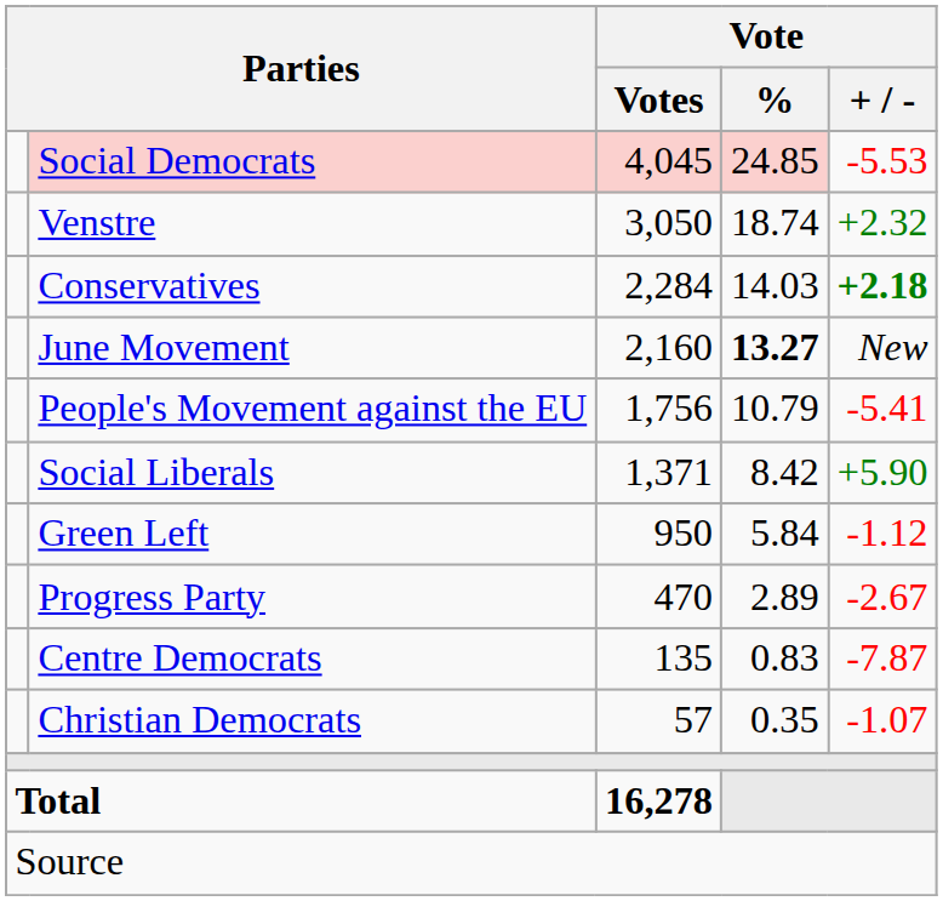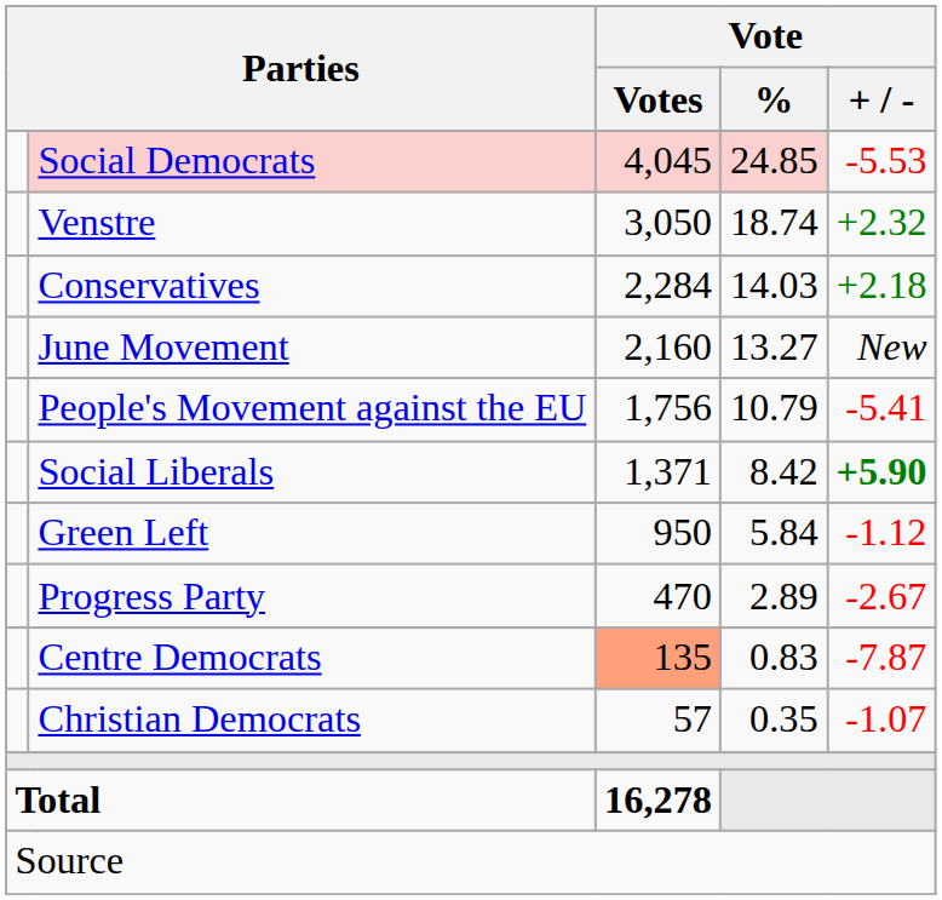 <table class="wikitable" style="text-align:right;">
 <tr>
 <th style="text-align:centre;" rowspan="2" colspan="2" width="225">Parties</th>
 <th colspan="3">Vote</th>
 </tr>
 <tr>
 <th width="15">Votes</th>
 <th width="15">%</th>
 <th width="15">+ / -</th>
 </tr>
 <tr>
 <td width="2" style="color:inherit;background:"></td>
 <td bgcolor=#fbd0ce   align="left"><a href='#'>Social Democrats</a></td>
 <td bgcolor=#fbd0ce>4,045</td>
 <td bgcolor=#fbd0ce>24.85</td>
 <td style=color:red;>-5.53</td>
 </tr>
 <tr>
 <td width="2" style="color:inherit;background:"></td>
 <td align="left"><a href='#'>Venstre</a></td>
 <td>3,050</td>
 <td>18.74</td>
 <td style=color:green;>+2.32</td>
 </tr>
 <tr>
 <td width="2" style="color:inherit;background:"></td>
 <td align="left"><a href='#'>Conservatives</a></td>
 <td>2,284</td>
 <td>14.03</td>
-<td style=color:green;><strong>+2.18</strong></td>
+<td style=color:green;>+2.18</td>
 </tr>
 <tr>
 <td width="2" style="color:inherit;background:"></td>
 <td align="left"><a href='#'>June Movement</a></td>
 <td>2,160</td>
-<td><strong>13.27</strong></td>
+<td>13.27</td>
 <td><em>New</em></td>
 </tr>
 <tr>
 <td width="2" style="color:inherit;background:"></td>
 <td align="left"><a href='#'>People's Movement against the EU</a></td>
 <td>1,756</td>
 <td>10.79</td>
 <td style=color:red;>-5.41</td>
 </tr>
 <tr>
 <td width="2" style="color:inherit;background:"></td>
 <td align="left"><a href='#'>Social Liberals</a></td>
 <td>1,371</td>
 <td>8.42</td>
-<td style=color:green;>+5.90</td>
+<td style=color:green;><strong>+5.90</strong></td>
 </tr>
 <tr>
 <td width="2" style="color:inherit;background:"></td>
 <td align="left"><a href='#'>Green Left</a></td>
 <td>950</td>
 <td>5.84</td>
 <td style=color:red;>-1.12</td>
 </tr>
 <tr>
 <td width="2" style="color:inherit;background:"></td>
 <td align="left"><a href='#'>Progress Party</a></td>
 <td>470</td>
 <td>2.89</td>
 <td style=color:red;>-2.67</td>
 </tr>
 <tr>
 <td width="2" style="color:inherit;background:"></td>
 <td align="left"><a href='#'>Centre Democrats</a></td>
-<td>135</td>
+<td style="background: lightsalmon;">135</td>
 <td>0.83</td>
 <td style=color:red;>-7.87</td>
 </tr>
 <tr>
 <td width="2" style="color:inherit;background:"></td>
 <td align="left"><a href='#'>Christian Democrats</a></td>
 <td>57</td>
 <td>0.35</td>
 <td style=color:red;>-1.07</td>
 </tr>
 <tr>
 <td colspan="7" bgcolor="#E9E9E9"></td>
 </tr>
 <tr>
 <td align="left" colspan="2"><strong>Total</strong></td>
 <td><strong>16,278</strong></td>
 <td bgcolor="#E9E9E9" colspan="2"></td>
 </tr>
 <tr>
 <td align="left" colspan="6">Source</td>
 </tr>
 </table>
